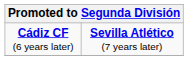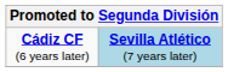 <table class="wikitable" style="text-align: center; margin: 0 auto;">
 <tr>
 <th colspan="2">Promoted to <a href='#'>Segunda División</a></th>
 </tr>
 <tr>
 <td><strong><a href='#'>Cádiz CF</a></strong><br><small>(6 years later)</small></td>
-<td><strong><a href='#'>Sevilla Atlético</a></strong><br><small>(7 years later)</small></td>
+<td style="background: lightblue;"><strong><a href='#'>Sevilla Atlético</a></strong><br><small>(7 years later)</small></td>
 </tr>
 <tr>
 </tr>
 </table>
